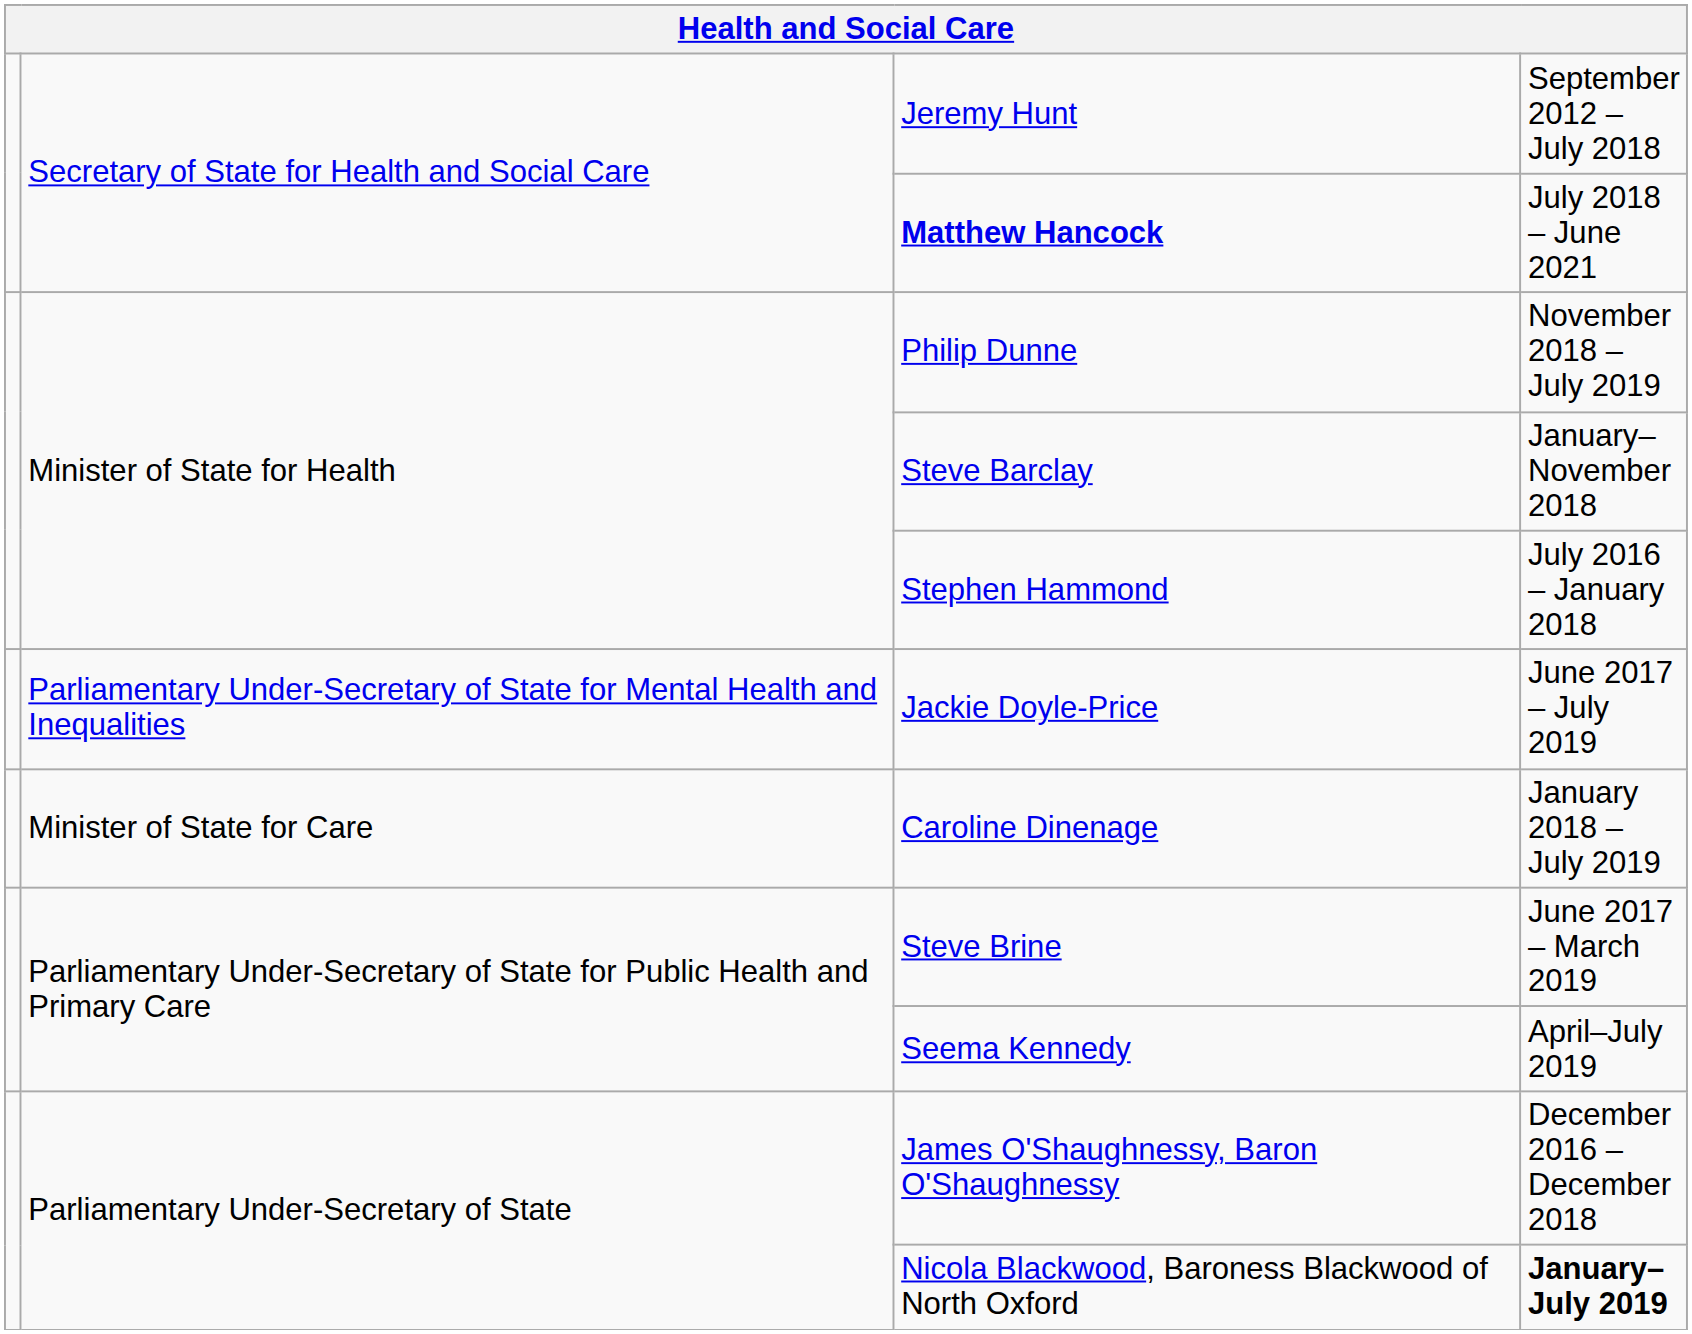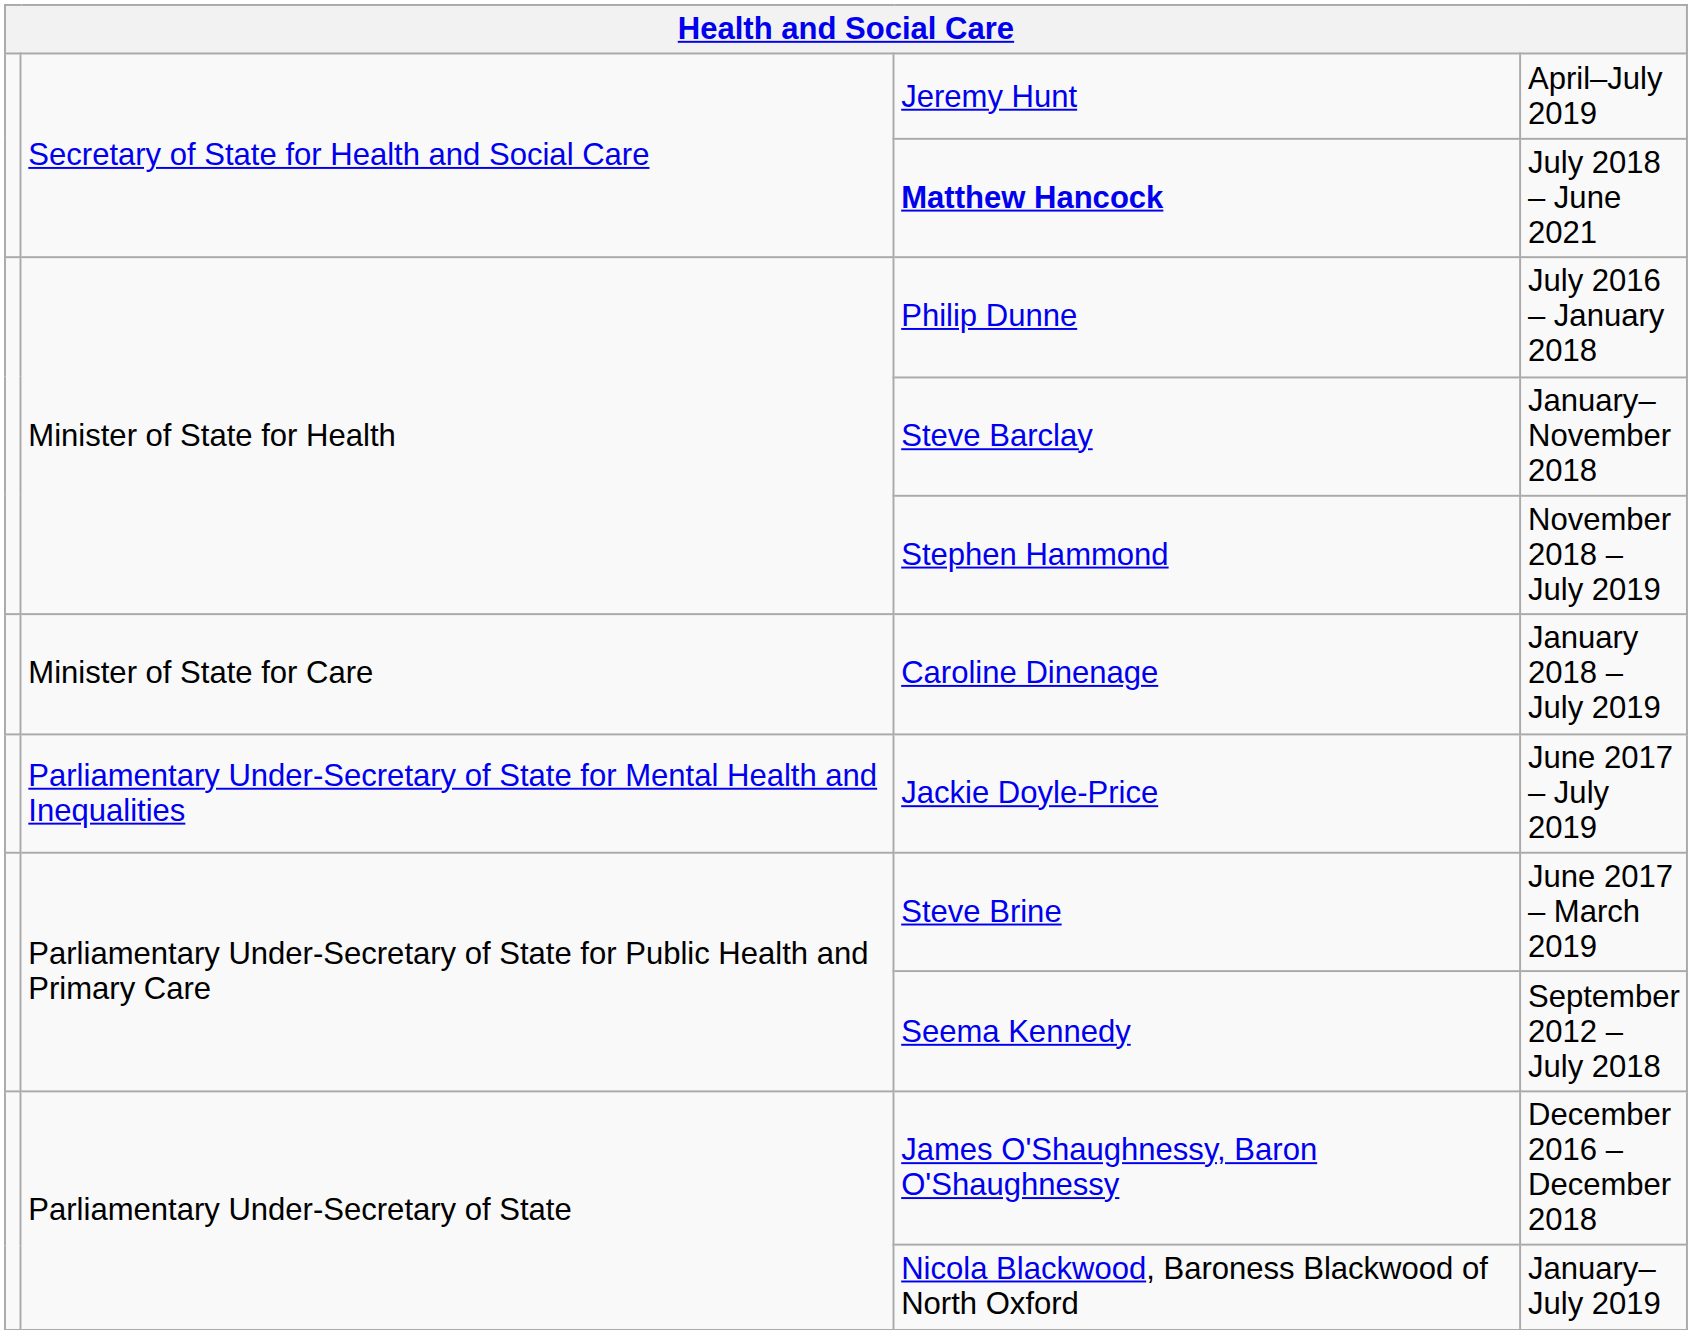 <table class="wikitable">
 <tr>
 <th colspan="4"><a href='#'>Health and Social Care</a><br></th>
 </tr>
 <tr>
 <td rowspan="2" style="width: 1px; background: "></td>
 <td rowspan="2" style="width: 450px;"><a href='#'>Secretary of State for Health and Social Care</a></td>
 <td style="width: 320px;"><a href='#'>Jeremy Hunt</a></td>
-<td>September 2012 – July 2018</td>
+<td>April–July 2019</td>
 </tr>
 <tr>
 <td><strong><a href='#'>Matthew Hancock</a></strong></td>
 <td>July 2018 – June 2021</td>
 </tr>
 <tr>
 <td rowspan="3" style="width: 1px; background: "></td>
 <td rowspan="3">Minister of State for Health</td>
 <td><a href='#'>Philip Dunne</a></td>
-<td>November 2018 – July 2019</td>
+<td>July 2016 – January 2018</td>
 </tr>
 <tr>
 <td><a href='#'>Steve Barclay</a></td>
 <td>January–November 2018</td>
 </tr>
 <tr>
 <td><a href='#'>Stephen Hammond</a></td>
-<td>July 2016 – January 2018</td>
+<td>November 2018 – July 2019</td>
+</tr>
+<tr>
+<td style="width: 1px; background: "></td>
+<td>Minister of State for Care</td>
+<td><a href='#'>Caroline Dinenage</a></td>
+<td>January 2018 – July 2019</td>
 </tr>
 <tr>
 <td style="width: 1px; background: "></td>
 <td><a href='#'>Parliamentary Under-Secretary of State for Mental Health and Inequalities</a></td>
 <td><a href='#'>Jackie Doyle-Price</a></td>
 <td>June 2017 – July 2019</td>
-</tr>
-<tr>
-<td style="width: 1px; background: "></td>
-<td>Minister of State for Care</td>
-<td><a href='#'>Caroline Dinenage</a></td>
-<td>January 2018 – July 2019</td>
 </tr>
 <tr>
 <td rowspan="2" style="width: 1px; background: "></td>
 <td rowspan="2">Parliamentary Under-Secretary of State for Public Health and Primary Care</td>
 <td><a href='#'>Steve Brine</a></td>
 <td>June 2017 – March 2019</td>
 </tr>
 <tr>
 <td><a href='#'>Seema Kennedy</a></td>
-<td>April–July 2019</td>
+<td>September 2012 – July 2018</td>
 </tr>
 <tr>
 <td rowspan="2" style="width: 1px; background: "></td>
 <td rowspan="2">Parliamentary Under-Secretary of State</td>
 <td><a href='#'>James O'Shaughnessy, Baron O'Shaughnessy</a></td>
 <td>December 2016 – December 2018</td>
 </tr>
 <tr>
 <td><a href='#'>Nicola Blackwood</a>, Baroness Blackwood of North Oxford</td>
-<td><strong>January–July 2019</strong></td>
+<td>January–July 2019</td>
 </tr>
 </table>
